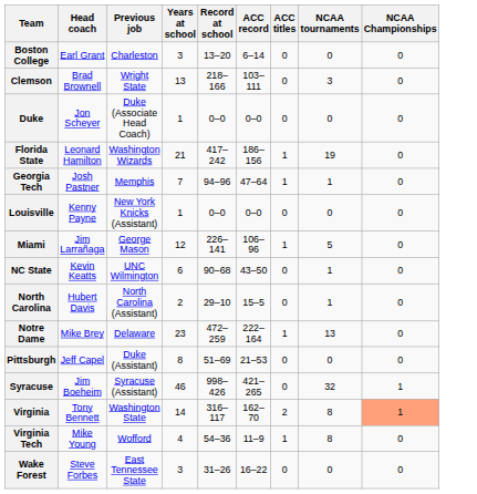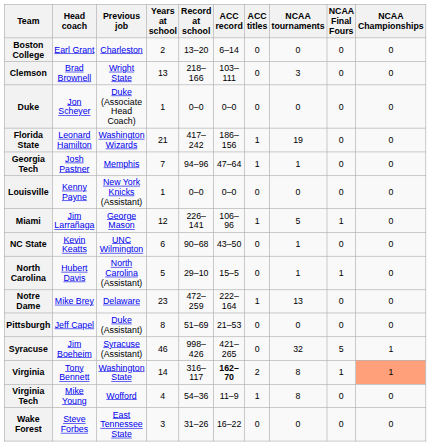 <table class="wikitable sortable" style="text-align: center;font-size:90%;">
 <tr>
 <th width="90">Team</th>
 <th>Head coach</th>
 <th>Previous job</th>
 <th>Years at school</th>
 <th>Record at school</th>
 <th>ACC record</th>
 <th>ACC titles</th>
 <th>NCAA tournaments</th>
+<th>NCAA Final Fours</th>
 <th>NCAA Championships</th>
 </tr>
 <tr>
 <th style=>Boston College</th>
 <td><a href='#'>Earl Grant</a></td>
 <td><a href='#'>Charleston</a></td>
-<td>3</td>
+<td>2</td>
 <td>13–20</td>
 <td>6–14</td>
+<td>0</td>
 <td>0</td>
 <td>0</td>
 <td>0</td>
 </tr>
 <tr>
 <th>Clemson</th>
 <td><a href='#'>Brad Brownell</a></td>
 <td><a href='#'>Wright State</a></td>
 <td>13</td>
 <td>218–166</td>
 <td>103–111</td>
 <td>0</td>
 <td>3</td>
 <td>0</td>
+<td>0</td>
 </tr>
 <tr>
 <th>Duke</th>
 <td><a href='#'>Jon Scheyer</a></td>
 <td><a href='#'>Duke</a> (Associate Head Coach)</td>
 <td>1</td>
 <td>0–0</td>
 <td>0–0</td>
+<td>0</td>
 <td>0</td>
 <td>0</td>
 <td>0</td>
 </tr>
 <tr>
 <th style=>Florida State</th>
 <td><a href='#'>Leonard Hamilton</a></td>
 <td><a href='#'>Washington Wizards</a></td>
 <td>21</td>
 <td>417–242</td>
 <td>186–156</td>
 <td>1</td>
 <td>19</td>
 <td>0</td>
+<td>0</td>
 </tr>
 <tr>
 <th>Georgia Tech</th>
 <td><a href='#'>Josh Pastner</a></td>
 <td><a href='#'>Memphis</a></td>
 <td>7</td>
 <td>94–96</td>
 <td>47–64</td>
 <td>1</td>
 <td>1</td>
 <td>0</td>
+<td>0</td>
 </tr>
 <tr>
 <th>Louisville</th>
 <td><a href='#'>Kenny Payne</a></td>
 <td><a href='#'>New York Knicks</a> (Assistant)</td>
 <td>1</td>
 <td>0–0</td>
 <td>0–0</td>
+<td>0</td>
 <td>0</td>
 <td>0</td>
 <td>0</td>
 </tr>
 <tr>
 <th>Miami</th>
 <td><a href='#'>Jim Larrañaga</a></td>
 <td><a href='#'>George Mason</a></td>
 <td>12</td>
 <td>226–141</td>
 <td>106–96</td>
 <td>1</td>
 <td>5</td>
+<td>1</td>
 <td>0</td>
 </tr>
 <tr>
 <th>NC State</th>
 <td><a href='#'>Kevin Keatts</a></td>
 <td><a href='#'>UNC Wilmington</a></td>
 <td>6</td>
 <td>90–68</td>
 <td>43–50</td>
 <td>0</td>
 <td>1</td>
 <td>0</td>
+<td>0</td>
 </tr>
 <tr>
 <th>North Carolina</th>
 <td><a href='#'>Hubert Davis</a></td>
 <td><a href='#'>North Carolina</a> (Assistant)</td>
-<td>2</td>
+<td>5</td>
 <td>29–10</td>
 <td>15–5</td>
 <td>0</td>
+<td>1</td>
 <td>1</td>
 <td>0</td>
 </tr>
 <tr>
 <th style=>Notre Dame</th>
 <td><a href='#'>Mike Brey</a></td>
 <td><a href='#'>Delaware</a></td>
 <td>23</td>
 <td>472–259</td>
 <td>222–164</td>
 <td>1</td>
 <td>13</td>
 <td>0</td>
+<td>0</td>
 </tr>
 <tr>
 <th style=>Pittsburgh</th>
 <td><a href='#'>Jeff Capel</a></td>
 <td><a href='#'>Duke</a> (Assistant)</td>
 <td>8</td>
 <td>51–69</td>
 <td>21–53</td>
+<td>0</td>
 <td>0</td>
 <td>0</td>
 <td>0</td>
 </tr>
 <tr>
 <th style=>Syracuse</th>
 <td><a href='#'>Jim Boeheim</a></td>
 <td><a href='#'>Syracuse</a> (Assistant)</td>
 <td>46</td>
 <td>998–426</td>
 <td>421–265</td>
 <td>0</td>
 <td>32</td>
+<td>5</td>
 <td>1</td>
 </tr>
 <tr>
 <th>Virginia</th>
 <td><a href='#'>Tony Bennett</a></td>
 <td><a href='#'>Washington State</a></td>
 <td>14</td>
 <td>316–117</td>
-<td>162–70</td>
+<td><strong>162–70</strong></td>
 <td>2</td>
 <td>8</td>
+<td>1</td>
 <td style="background: lightsalmon;">1</td>
 </tr>
 <tr>
 <th>Virginia Tech</th>
 <td><a href='#'>Mike Young</a></td>
 <td><a href='#'>Wofford</a></td>
 <td>4</td>
 <td>54–36</td>
 <td>11–9</td>
 <td>1</td>
 <td>8</td>
 <td>0</td>
+<td>0</td>
 </tr>
 <tr>
 <th style=>Wake Forest</th>
 <td><a href='#'>Steve Forbes</a></td>
 <td><a href='#'>East Tennessee State</a></td>
 <td>3</td>
 <td>31–26</td>
 <td>16–22</td>
 <td>0</td>
 <td>0</td>
 <td>0</td>
+<td>0</td>
 </tr>
 </table>
